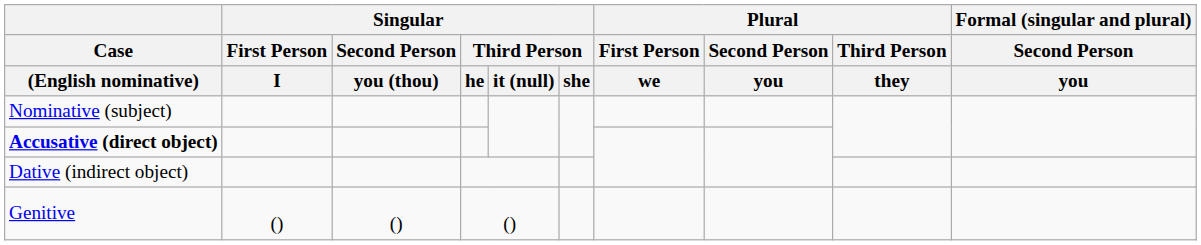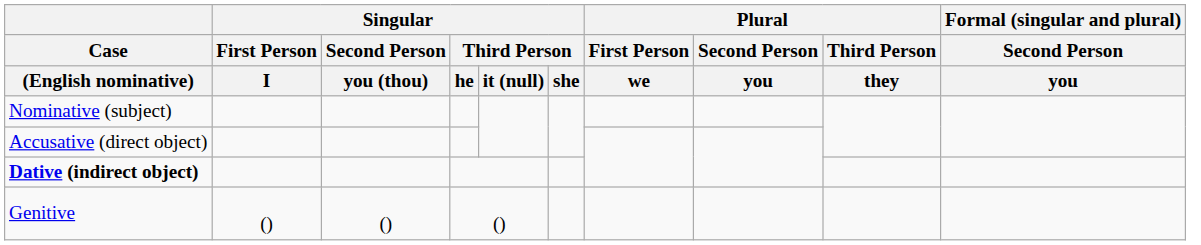 <table class="wikitable">
 <tr>
 <th></th>
 <th colspan="5" align="center">Singular</th>
 <th colspan="3" align="center">Plural</th>
 <th>Formal (singular and plural)</th>
 </tr>
 <tr>
 <th>Case</th>
 <th>First Person</th>
 <th>Second Person</th>
 <th colspan="3">Third Person</th>
 <th>First Person</th>
 <th>Second Person</th>
 <th>Third Person</th>
 <th>Second Person</th>
 </tr>
 <tr>
 <th>(English nominative)</th>
 <th>I</th>
 <th>you (thou)</th>
 <th>he</th>
 <th>it (null)</th>
 <th>she</th>
 <th>we</th>
 <th>you</th>
 <th>they</th>
 <th>you</th>
 </tr>
 <tr>
 <td><a href='#'>Nominative</a> (subject)</td>
 <td align="center"></td>
 <td align="center"></td>
 <td align="center"></td>
 <td align="center" rowspan="2"></td>
 <td align="center" rowspan="2"></td>
 <td align="center"></td>
 <td align="center"></td>
 <td align="center" rowspan="2"></td>
 <td align="center" rowspan="2"></td>
 </tr>
 <tr>
-<td><strong><a href='#'>Accusative</a> (direct object)</strong></td>
+<td><a href='#'>Accusative</a> (direct object)</td>
 <td align="center"></td>
 <td align="center"></td>
 <td align="center"></td>
 <td align="center" rowspan="2"></td>
 <td align="center" rowspan="2"></td>
 </tr>
 <tr>
-<td><a href='#'>Dative</a> (indirect object)</td>
+<td><strong><a href='#'>Dative</a> (indirect object)</strong></td>
 <td align="center"></td>
 <td align="center"></td>
 <td align="center" colspan="2"></td>
 <td align="center"></td>
 <td align="center"></td>
 <td align="center"></td>
 </tr>
 <tr>
 <td><a href='#'>Genitive</a></td>
 <td align="center"><br>()</td>
 <td align="center"><br>()</td>
 <td align="center" colspan="2"><br>()</td>
 <td align="center"></td>
 <td align="center"></td>
 <td align="center"></td>
 <td align="center"></td>
 <td align="center"></td>
 </tr>
 </table>
